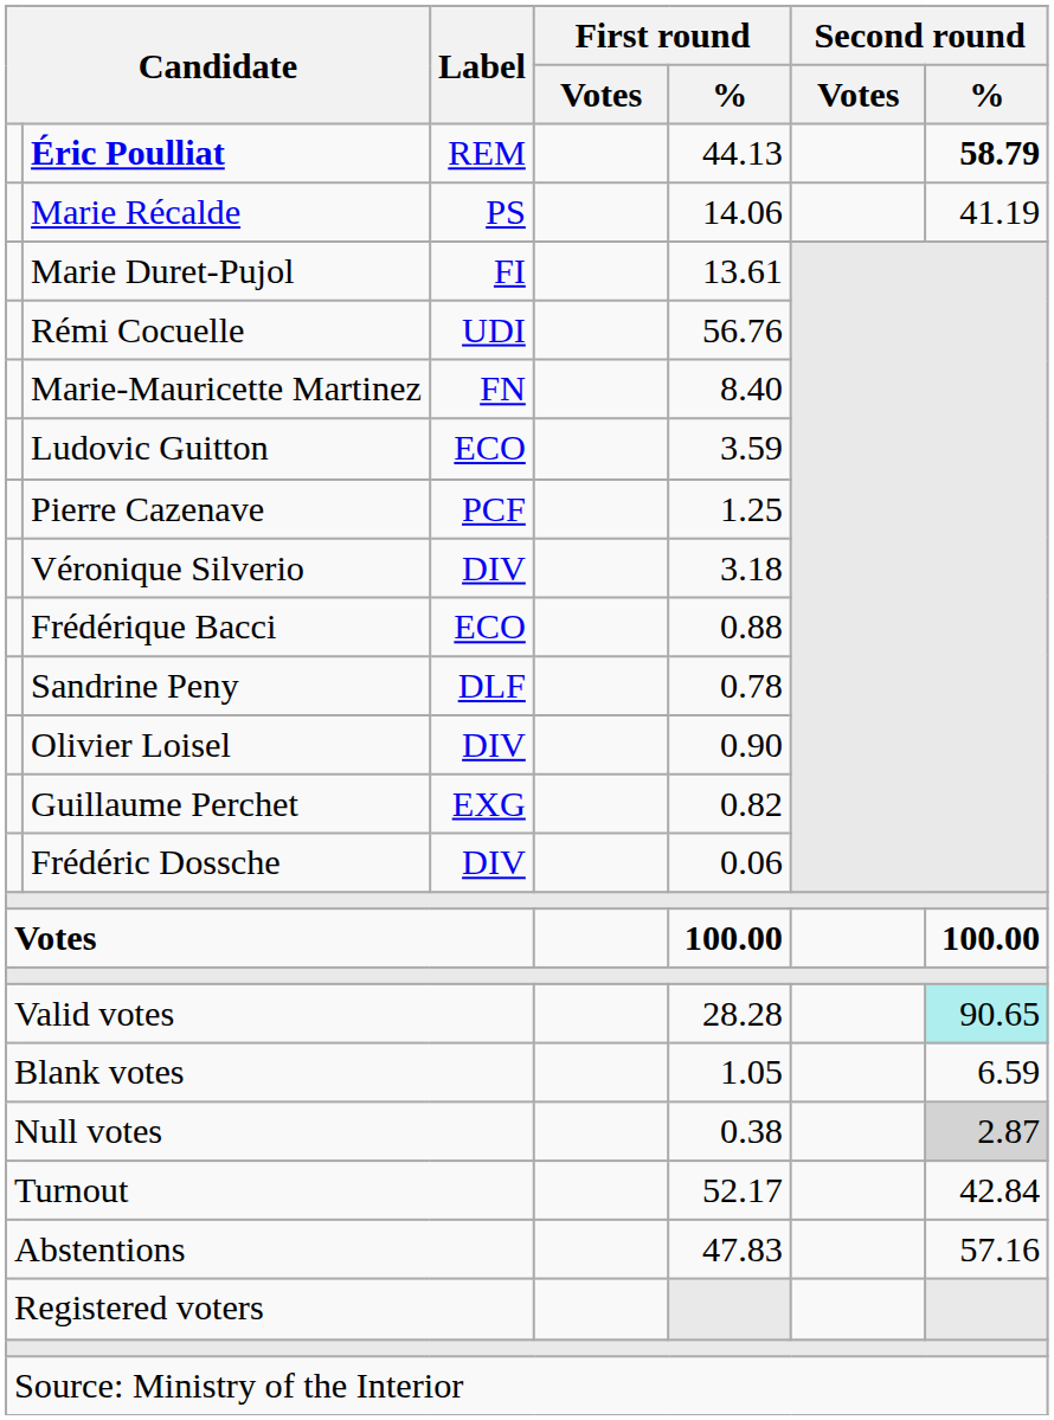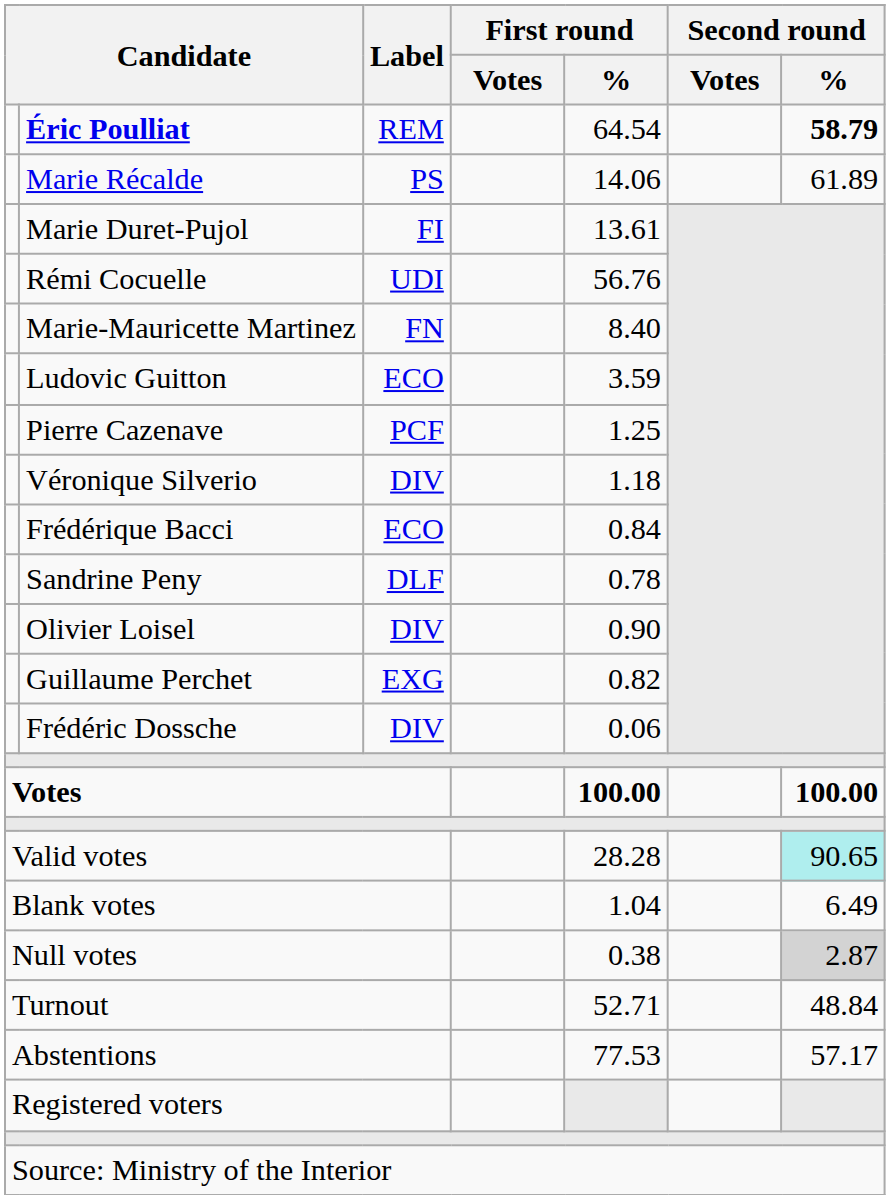 <table class="wikitable" style="text-align:right;font-size:95%;">
 <tr>
 <th rowspan="2" colspan="2">Candidate</th>
 <th rowspan="2">Label</th>
 <th colspan="2">First round</th>
 <th colspan="2">Second round</th>
 </tr>
 <tr>
 <th style="width:50px;">Votes</th>
 <th style="width:45px;">%</th>
 <th style="width:50px;">Votes</th>
 <th style="width:45px;">%</th>
 </tr>
 <tr>
 <td style="color:inherit;background:"></td>
 <td style="text-align:left;"><strong><a href='#'>Éric Poulliat</a></strong></td>
 <td><a href='#'>REM</a></td>
 <td></td>
-<td>44.13</td>
+<td>64.54</td>
 <td><strong></strong></td>
 <td><strong>58.79</strong></td>
 </tr>
 <tr>
 <td style="color:inherit;background:"></td>
 <td style="text-align:left;"><a href='#'>Marie Récalde</a></td>
 <td><a href='#'>PS</a></td>
 <td></td>
 <td>14.06</td>
 <td></td>
-<td>41.19</td>
+<td>61.89</td>
 </tr>
 <tr>
 <td style="color:inherit;background:"></td>
 <td style="text-align:left;">Marie Duret-Pujol</td>
 <td><a href='#'>FI</a></td>
 <td></td>
 <td>13.61</td>
 <td colspan="2" rowspan="11" style="background:#E9E9E9;"></td>
 </tr>
 <tr>
 <td style="color:inherit;background:"></td>
 <td style="text-align:left;">Rémi Cocuelle</td>
 <td><a href='#'>UDI</a></td>
 <td></td>
 <td>56.76</td>
 </tr>
 <tr>
 <td style="color:inherit;background:"></td>
 <td style="text-align:left;">Marie-Mauricette Martinez</td>
 <td><a href='#'>FN</a></td>
 <td></td>
 <td>8.40</td>
 </tr>
 <tr>
 <td style="color:inherit;background:"></td>
 <td style="text-align:left;">Ludovic Guitton</td>
 <td><a href='#'>ECO</a></td>
 <td></td>
 <td>3.59</td>
 </tr>
 <tr>
 <td style="color:inherit;background:"></td>
 <td style="text-align:left;">Pierre Cazenave</td>
 <td><a href='#'>PCF</a></td>
 <td></td>
 <td>1.25</td>
 </tr>
 <tr>
 <td style="color:inherit;background:"></td>
 <td style="text-align:left;">Véronique Silverio</td>
 <td><a href='#'>DIV</a></td>
 <td></td>
-<td>3.18</td>
+<td>1.18</td>
 </tr>
 <tr>
 <td style="color:inherit;background:"></td>
 <td style="text-align:left;">Frédérique Bacci</td>
 <td><a href='#'>ECO</a></td>
 <td></td>
-<td>0.88</td>
+<td>0.84</td>
 </tr>
 <tr>
 <td style="color:inherit;background:"></td>
 <td style="text-align:left;">Sandrine Peny</td>
 <td><a href='#'>DLF</a></td>
 <td></td>
 <td>0.78</td>
 </tr>
 <tr>
 <td style="color:inherit;background:"></td>
 <td style="text-align:left;">Olivier Loisel</td>
 <td><a href='#'>DIV</a></td>
 <td></td>
 <td>0.90</td>
 </tr>
 <tr>
 <td style="color:inherit;background:"></td>
 <td style="text-align:left;">Guillaume Perchet</td>
 <td><a href='#'>EXG</a></td>
 <td></td>
 <td>0.82</td>
 </tr>
 <tr>
 <td style="color:inherit;background:"></td>
 <td style="text-align:left;">Frédéric Dossche</td>
 <td><a href='#'>DIV</a></td>
 <td></td>
 <td>0.06</td>
 </tr>
 <tr>
 <td colspan="7" style="background:#E9E9E9;"></td>
 </tr>
 <tr style="font-weight:bold;">
 <td colspan="3" style="text-align:left;">Votes</td>
 <td></td>
 <td>100.00</td>
 <td></td>
 <td>100.00</td>
 </tr>
 <tr>
 <td colspan="7" style="background:#E9E9E9;"></td>
 </tr>
 <tr>
 <td colspan="3" style="text-align:left;">Valid votes</td>
 <td></td>
 <td>28.28</td>
 <td></td>
 <td style="background: paleturquoise;">90.65</td>
 </tr>
 <tr>
 <td colspan="3" style="text-align:left;">Blank votes</td>
 <td></td>
-<td>1.05</td>
+<td>1.04</td>
 <td></td>
-<td>6.59</td>
+<td>6.49</td>
 </tr>
 <tr>
 <td colspan="3" style="text-align:left;">Null votes</td>
 <td></td>
 <td>0.38</td>
 <td></td>
 <td style="background: lightgrey;">2.87</td>
 </tr>
 <tr>
 <td colspan="3" style="text-align:left;">Turnout</td>
 <td></td>
-<td>52.17</td>
+<td>52.71</td>
 <td></td>
-<td>42.84</td>
+<td>48.84</td>
 </tr>
 <tr>
 <td colspan="3" style="text-align:left;">Abstentions</td>
 <td></td>
-<td>47.83</td>
+<td>77.53</td>
 <td></td>
-<td>57.16</td>
+<td>57.17</td>
 </tr>
 <tr>
 <td colspan="3" style="text-align:left;">Registered voters</td>
 <td></td>
 <td style="color:inherit;background:#E9E9E9;"></td>
 <td></td>
 <td style="color:inherit;background:#E9E9E9;"></td>
 </tr>
 <tr>
 <td colspan="7" style="background:#E9E9E9;"></td>
 </tr>
 <tr>
 <td colspan="7" style="text-align:left;">Source: Ministry of the Interior</td>
 </tr>
 </table>
